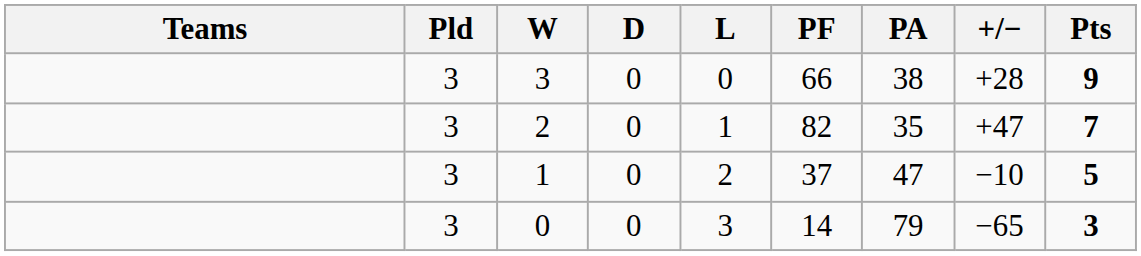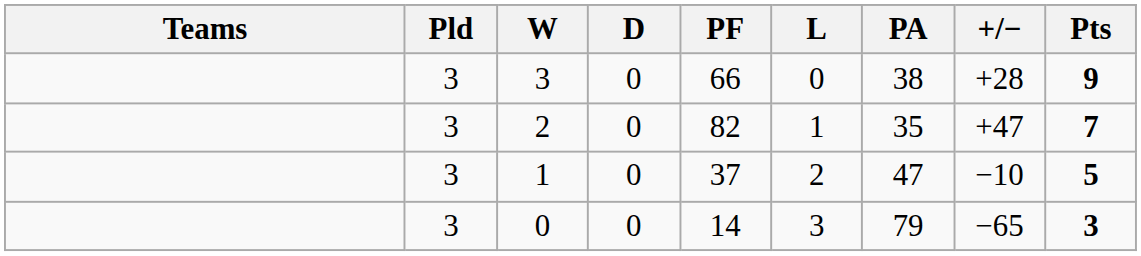 <table class="wikitable" style="text-align: center;">
 <tr>
 <th width="200">Teams</th>
 <th width="40">Pld</th>
 <th width="40">W</th>
 <th width="40">D</th>
+<th width="40">PF</th>
 <th width="40">L</th>
-<th width="40">PF</th>
 <th width="40">PA</th>
 <th width="40">+/−</th>
 <th width="40">Pts</th>
 </tr>
 <tr>
 <td align=left></td>
 <td>3</td>
 <td>3</td>
 <td>0</td>
+<td>66</td>
 <td>0</td>
-<td>66</td>
 <td>38</td>
 <td>+28</td>
 <td><strong>9</strong></td>
 </tr>
 <tr>
 <td align=left></td>
 <td>3</td>
 <td>2</td>
 <td>0</td>
+<td>82</td>
 <td>1</td>
-<td>82</td>
 <td>35</td>
 <td>+47</td>
 <td><strong>7</strong></td>
 </tr>
 <tr>
 <td align=left></td>
 <td>3</td>
 <td>1</td>
 <td>0</td>
+<td>37</td>
 <td>2</td>
-<td>37</td>
 <td>47</td>
 <td>−10</td>
 <td><strong>5</strong></td>
 </tr>
 <tr>
 <td align=left></td>
 <td>3</td>
 <td>0</td>
 <td>0</td>
+<td>14</td>
 <td>3</td>
-<td>14</td>
 <td>79</td>
 <td>−65</td>
 <td><strong>3</strong></td>
 </tr>
 </table>
